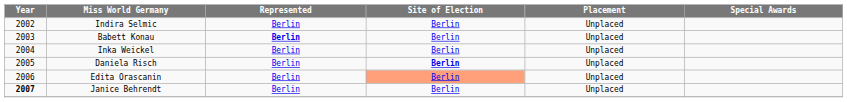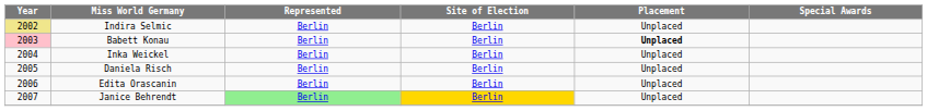 <table class="wikitable sortable" style="font-size: 90%; text-align:center">
 <tr>
 <th width="60" style="background-color:#787878;color:#FFFFFF;">Year</th>
 <th width="250" style="background-color:#787878;color:#FFFFFF;">Miss World Germany</th>
 <th width="250" style="background-color:#787878;color:#FFFFFF;">Represented</th>
 <th width="250" style="background-color:#787878;color:#FFFFFF;">Site of Election</th>
 <th width="250" style="background-color:#787878;color:#FFFFFF;">Placement</th>
 <th width="250" style="background-color:#787878;color:#FFFFFF;">Special Awards</th>
 </tr>
 <tr>
-<td>2002</td>
+<td style="background: khaki;">2002</td>
 <td>Indira Selmic</td>
 <td><a href='#'>Berlin</a></td>
 <td><a href='#'>Berlin</a></td>
 <td>Unplaced</td>
 <td></td>
 </tr>
 <tr>
-<td>2003</td>
+<td style="background: pink;">2003</td>
 <td>Babett Konau</td>
-<td><strong><a href='#'>Berlin</a></strong></td>
 <td><a href='#'>Berlin</a></td>
-<td>Unplaced</td>
+<td><a href='#'>Berlin</a></td>
+<td><strong>Unplaced</strong></td>
 <td></td>
 </tr>
 <tr>
 <td>2004</td>
 <td>Inka Weickel</td>
 <td><a href='#'>Berlin</a></td>
 <td><a href='#'>Berlin</a></td>
 <td>Unplaced</td>
 <td></td>
 </tr>
 <tr>
 <td>2005</td>
 <td>Daniela Risch</td>
 <td><a href='#'>Berlin</a></td>
-<td><strong><a href='#'>Berlin</a></strong></td>
+<td><a href='#'>Berlin</a></td>
 <td>Unplaced</td>
 <td></td>
 </tr>
 <tr>
 <td>2006</td>
 <td>Edita Orascanin</td>
 <td><a href='#'>Berlin</a></td>
-<td style="background: lightsalmon;"><a href='#'>Berlin</a></td>
+<td><a href='#'>Berlin</a></td>
 <td>Unplaced</td>
 <td></td>
 </tr>
 <tr>
-<td><strong>2007</strong></td>
+<td>2007</td>
 <td>Janice Behrendt</td>
-<td><a href='#'>Berlin</a></td>
-<td><a href='#'>Berlin</a></td>
+<td style="background: lightgreen;"><a href='#'>Berlin</a></td>
+<td style="background: gold;"><a href='#'>Berlin</a></td>
 <td>Unplaced</td>
 <td></td>
 </tr>
 <tr>
 </tr>
 </table>
